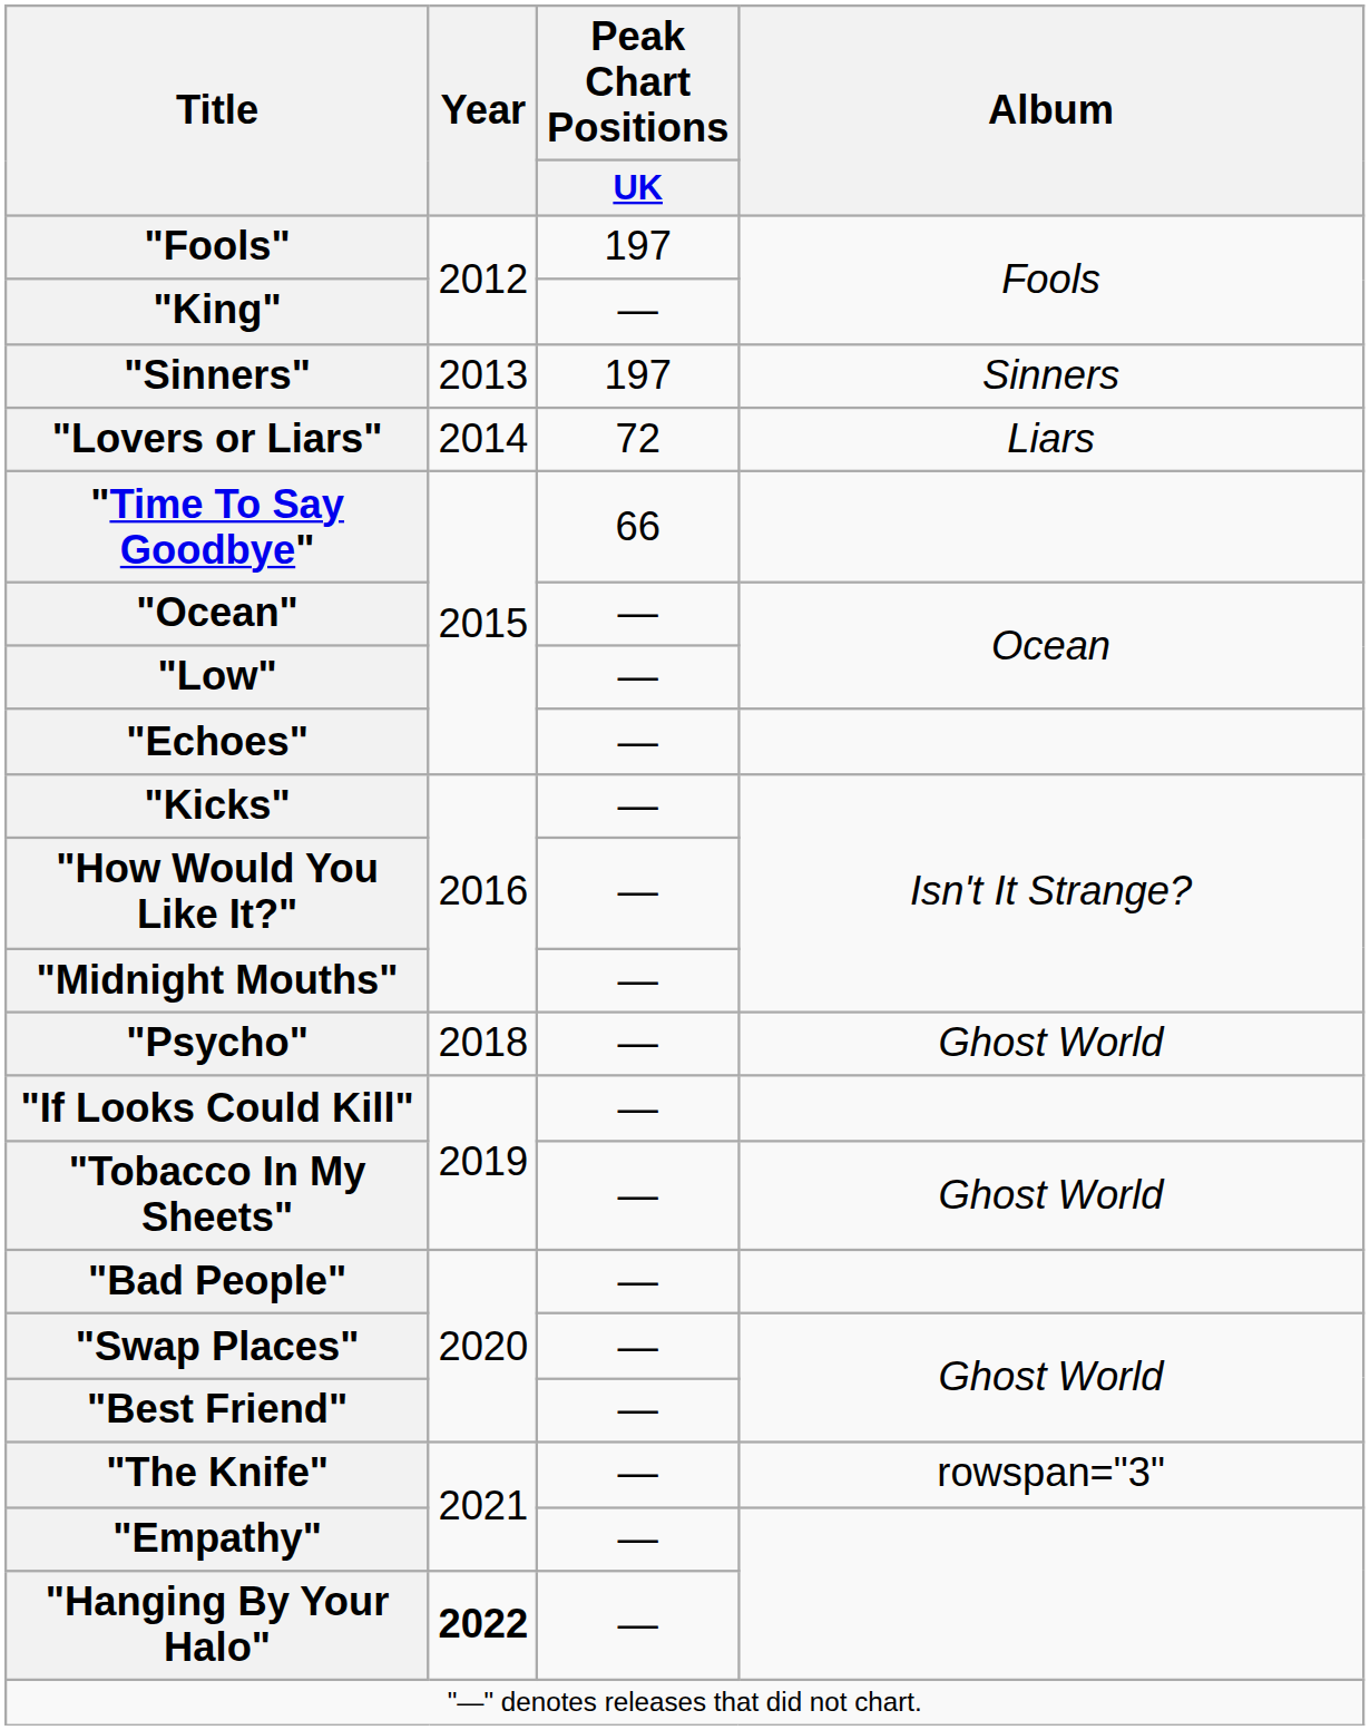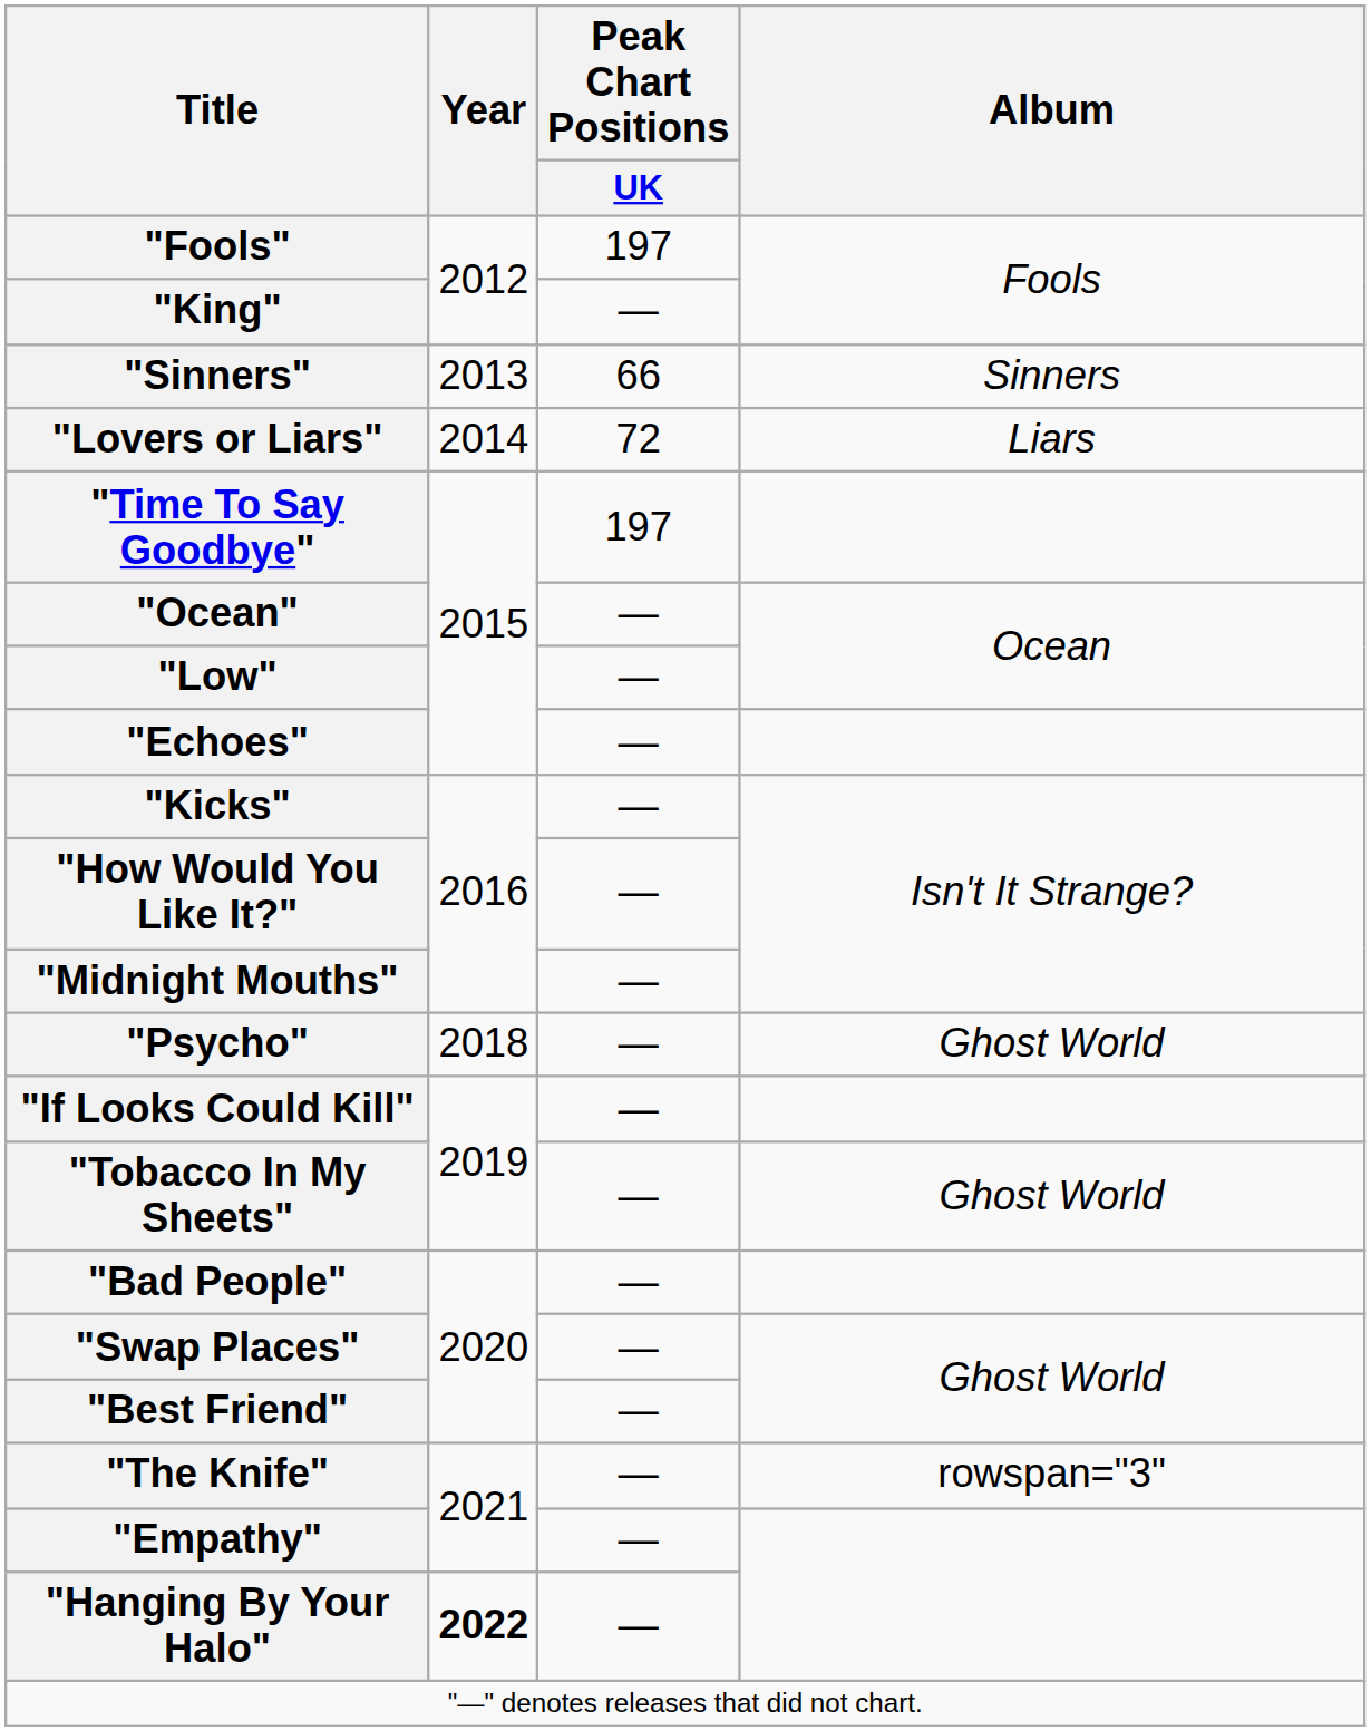 <table class="wikitable plainrowheaders" style="text-align:center;">
 <tr>
 <th scope="col"rowspan="2" style="width:10em;">Title</th>
 <th scope="col" rowspan="2" style="width:2em;">Year</th>
 <th scope="col">Peak Chart Positions</th>
 <th scope="col" rowspan="2" style="width:15em;">Album</th>
 </tr>
 <tr>
 <th scope="col" style="width:3em;font-size:85%;"><a href='#'>UK</a><br></th>
 </tr>
 <tr>
 <th scope="row">"Fools"</th>
 <td rowspan="2">2012</td>
 <td align="center">197<br></td>
 <td rowspan="2"><em>Fools</em></td>
 </tr>
 <tr>
 <th scope="row">"King"</th>
 <td align="center">—</td>
 </tr>
 <tr>
 <th scope="row">"Sinners"</th>
 <td>2013</td>
-<td align="center">197<br></td>
+<td align="center">66</td>
 <td><em>Sinners</em></td>
 </tr>
 <tr>
 <th scope="row">"Lovers or Liars"</th>
 <td>2014</td>
 <td align="center">72</td>
 <td><em>Liars</em></td>
 </tr>
 <tr>
 <th scope="row">"<a href='#'>Time To Say Goodbye</a>"</th>
 <td rowspan="4">2015</td>
-<td align="center">66</td>
+<td align="center">197<br></td>
 <td></td>
 </tr>
 <tr>
 <th scope="row">"Ocean"</th>
 <td align="center">—</td>
 <td rowspan="2"><em>Ocean</em></td>
 </tr>
 <tr>
 <th scope="row">"Low"</th>
 <td align="center">—</td>
 </tr>
 <tr>
 <th scope="row">"Echoes"</th>
 <td align="center">—</td>
 <td></td>
 </tr>
 <tr>
 <th scope="row">"Kicks"</th>
 <td rowspan="3">2016</td>
 <td align="center">—</td>
 <td rowspan="3"><em>Isn't It Strange?</em></td>
 </tr>
 <tr>
 <th scope="row">"How Would You Like It?"</th>
 <td align="center">—</td>
 </tr>
 <tr>
 <th scope="row">"Midnight Mouths"</th>
 <td align="center">—</td>
 </tr>
 <tr>
 <th scope="row">"Psycho"</th>
 <td>2018</td>
 <td align="center">—</td>
 <td><em>Ghost World</em></td>
 </tr>
 <tr>
 <th scope="row">"If Looks Could Kill"</th>
 <td rowspan="2">2019</td>
 <td align="center">—</td>
 <td></td>
 </tr>
 <tr>
 <th scope="row">"Tobacco In My Sheets"</th>
 <td align="center">—</td>
 <td><em>Ghost World</em></td>
 </tr>
 <tr>
 <th scope="row">"Bad People"</th>
 <td rowspan="3">2020</td>
 <td align="center">—</td>
 <td></td>
 </tr>
 <tr>
 <th scope="row">"Swap Places"</th>
 <td align="center">—</td>
 <td rowspan="2"><em>Ghost World</em></td>
 </tr>
 <tr>
 <th scope="row">"Best Friend"</th>
 <td align="center">—</td>
 </tr>
 <tr>
 <th scope="row">"The Knife"</th>
 <td rowspan="2">2021</td>
 <td align="center">—</td>
 <td>rowspan="3" </td>
 </tr>
 <tr>
 <th scope="row">"Empathy"</th>
 <td align="center">—</td>
 </tr>
 <tr>
 <th scope="row">"Hanging By Your Halo"</th>
 <td rowspan="1"><strong>2022</strong></td>
 <td align="center">—</td>
 </tr>
 <tr>
 <td colspan="4" style="font-size:8pt">"—" denotes releases that did not chart.</td>
 </tr>
 </table>
